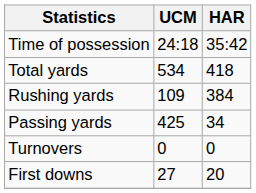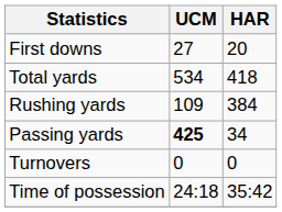 <table class="wikitable" style="float: left;">
 <tr>
 <th>Statistics</th>
 <th>UCM</th>
 <th>HAR</th>
 </tr>
 <tr>
-<td>Time of possession</td>
-<td>24:18</td>
-<td>35:42</td>
+<td>First downs</td>
+<td>27</td>
+<td>20</td>
 </tr>
 <tr>
 <td>Total yards</td>
 <td>534</td>
 <td>418</td>
 </tr>
 <tr>
 <td>Rushing yards</td>
 <td>109</td>
 <td>384</td>
 </tr>
 <tr>
 <td>Passing yards</td>
-<td>425</td>
+<td><strong>425</strong></td>
 <td>34</td>
 </tr>
 <tr>
 <td>Turnovers</td>
 <td>0</td>
 <td>0</td>
 </tr>
 <tr>
-<td>First downs</td>
-<td>27</td>
-<td>20</td>
+<td>Time of possession</td>
+<td>24:18</td>
+<td>35:42</td>
 </tr>
 <tr>
 </tr>
 </table>
